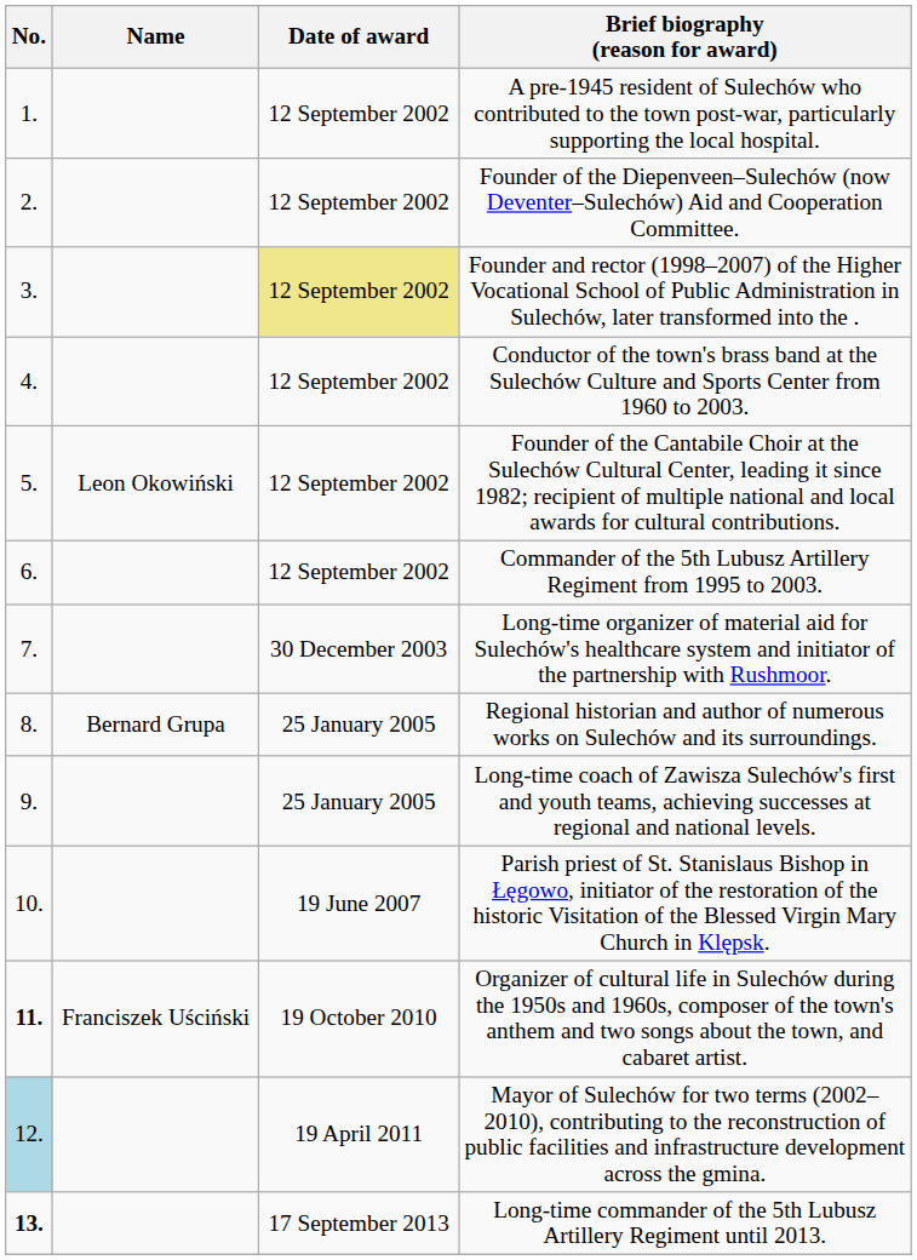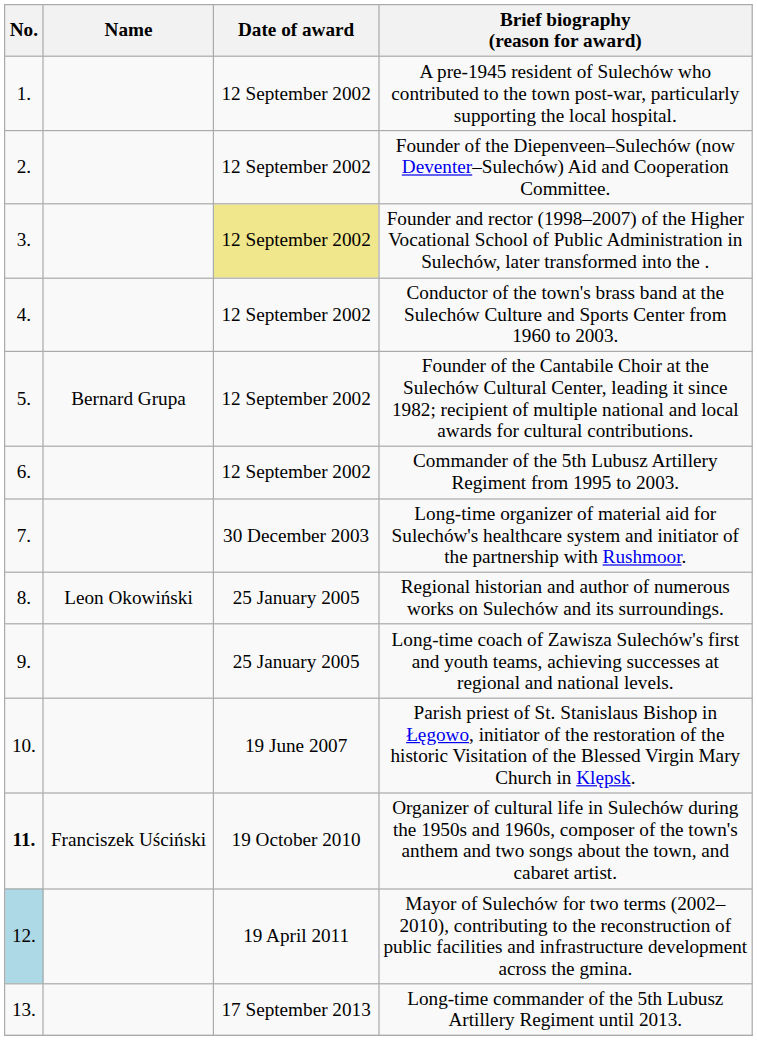 <table class="wikitable sortable" style="width:100%;">
 <tr style="background-color:#EDEDED;">
 <th>No.</th>
 <th>Name</th>
 <th>Date of award</th>
 <th width="50%" class="unsortable">Brief biography<br>(reason for award)</th>
 </tr>
 <tr align="center">
 <td>1.</td>
 <td></td>
 <td>12 September 2002</td>
 <td>A pre-1945 resident of Sulechów who contributed to the town post-war, particularly supporting the local hospital.</td>
 </tr>
 <tr align="center">
 <td>2.</td>
 <td></td>
 <td>12 September 2002</td>
 <td>Founder of the Diepenveen–Sulechów (now <a href='#'>Deventer</a>–Sulechów) Aid and Cooperation Committee.</td>
 </tr>
 <tr align="center">
 <td>3.</td>
 <td></td>
 <td style="background: khaki;">12 September 2002</td>
 <td>Founder and rector (1998–2007) of the Higher Vocational School of Public Administration in Sulechów, later transformed into the .</td>
 </tr>
 <tr align="center">
 <td>4.</td>
 <td></td>
 <td>12 September 2002</td>
 <td>Conductor of the town's brass band at the Sulechów Culture and Sports Center from 1960 to 2003.</td>
 </tr>
 <tr align="center">
 <td>5.</td>
-<td>Leon Okowiński</td>
+<td>Bernard Grupa</td>
 <td>12 September 2002</td>
 <td>Founder of the Cantabile Choir at the Sulechów Cultural Center, leading it since 1982; recipient of multiple national and local awards for cultural contributions.</td>
 </tr>
 <tr align="center">
 <td>6.</td>
 <td></td>
 <td>12 September 2002</td>
 <td>Commander of the 5th Lubusz Artillery Regiment from 1995 to 2003.</td>
 </tr>
 <tr align="center">
 <td>7.</td>
 <td></td>
 <td>30 December 2003</td>
 <td>Long-time organizer of material aid for Sulechów's healthcare system and initiator of the partnership with <a href='#'>Rushmoor</a>.</td>
 </tr>
 <tr align="center">
 <td>8.</td>
-<td>Bernard Grupa</td>
+<td>Leon Okowiński</td>
 <td>25 January 2005</td>
 <td>Regional historian and author of numerous works on Sulechów and its surroundings.</td>
 </tr>
 <tr align="center">
 <td>9.</td>
 <td></td>
 <td>25 January 2005</td>
 <td>Long-time coach of Zawisza Sulechów's first and youth teams, achieving successes at regional and national levels.</td>
 </tr>
 <tr align="center">
 <td>10.</td>
 <td></td>
 <td>19 June 2007</td>
 <td>Parish priest of St. Stanislaus Bishop in <a href='#'>Łęgowo</a>, initiator of the restoration of the historic Visitation of the Blessed Virgin Mary Church in <a href='#'>Klępsk</a>.</td>
 </tr>
 <tr align="center">
 <td><strong>11.</strong></td>
 <td>Franciszek Uściński</td>
 <td>19 October 2010</td>
 <td>Organizer of cultural life in Sulechów during the 1950s and 1960s, composer of the town's anthem and two songs about the town, and cabaret artist.</td>
 </tr>
 <tr align="center">
 <td style="background: lightblue;">12.</td>
 <td></td>
 <td>19 April 2011</td>
 <td>Mayor of Sulechów for two terms (2002–2010), contributing to the reconstruction of public facilities and infrastructure development across the gmina.</td>
 </tr>
 <tr align="center">
-<td><strong>13.</strong></td>
+<td>13.</td>
 <td></td>
 <td>17 September 2013</td>
 <td>Long-time commander of the 5th Lubusz Artillery Regiment until 2013.</td>
 </tr>
 <tr align="center">
 </tr>
 </table>
